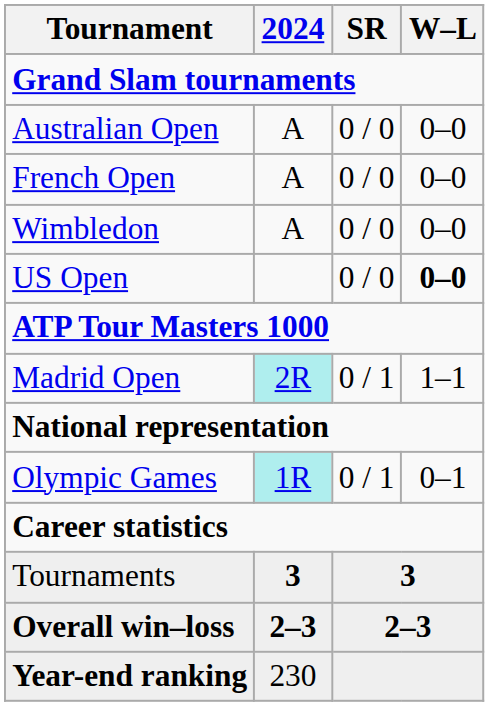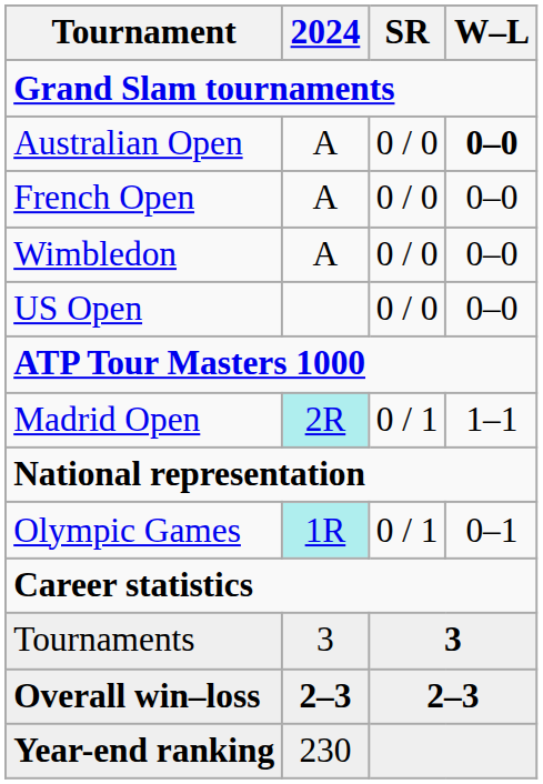 <table class=wikitable style=text-align:center>
 <tr>
 <th>Tournament</th>
 <th><a href='#'>2024</a></th>
 <th>SR</th>
 <th>W–L</th>
 </tr>
 <tr>
 <td colspan="4" align="left"><strong><a href='#'>Grand Slam tournaments</a></strong></td>
 </tr>
 <tr>
 <td align=left><a href='#'>Australian Open</a></td>
 <td>A</td>
 <td>0 / 0</td>
-<td>0–0</td>
+<td><strong>0–0</strong></td>
 </tr>
 <tr>
 <td align=left><a href='#'>French Open</a></td>
 <td>A</td>
 <td>0 / 0</td>
 <td>0–0</td>
 </tr>
 <tr>
 <td align=left><a href='#'>Wimbledon</a></td>
 <td>A</td>
 <td>0 / 0</td>
 <td>0–0</td>
 </tr>
 <tr>
 <td align=left><a href='#'>US Open</a></td>
 <td></td>
 <td>0 / 0</td>
-<td><strong>0–0</strong></td>
+<td>0–0</td>
 </tr>
 <tr>
 <td colspan="4" align=left><strong><a href='#'>ATP Tour Masters 1000</a></strong></td>
 </tr>
 <tr>
 <td align=left><a href='#'>Madrid Open</a></td>
 <td bgcolor=afeeee><a href='#'>2R</a></td>
 <td>0 / 1</td>
 <td>1–1</td>
 </tr>
 <tr>
 <td colspan="4" align="left"><strong>National representation</strong></td>
 </tr>
 <tr>
 <td align=left><a href='#'>Olympic Games</a></td>
 <td bgcolor=afeeee><a href='#'>1R</a></td>
 <td>0 / 1</td>
 <td>0–1</td>
 </tr>
 <tr>
 <td colspan="4" align="left"><strong>Career statistics</strong></td>
 </tr>
 <tr bgcolor=efefef>
 <td align=left>Tournaments</td>
-<td><strong>3</strong></td>
+<td>3</td>
 <td colspan="2"><strong>3</strong></td>
 </tr>
 <tr style="font-weight:bold; background:#efefef;">
 <td style=text-align:left>Overall win–loss</td>
 <td>2–3</td>
 <td colspan="2">2–3</td>
 </tr>
 <tr bgcolor=efefef>
 <td align=left><strong>Year-end ranking</strong></td>
 <td>230</td>
 <td colspan="2"></td>
 </tr>
 </table>
